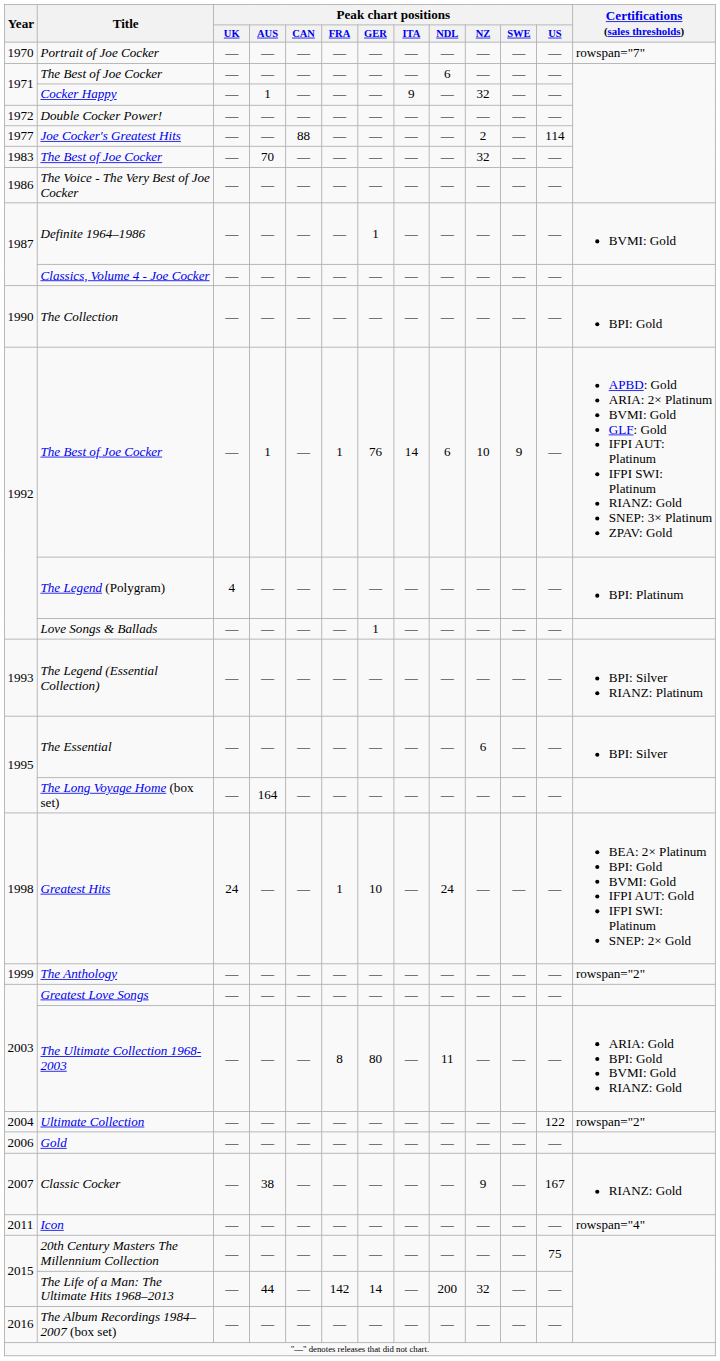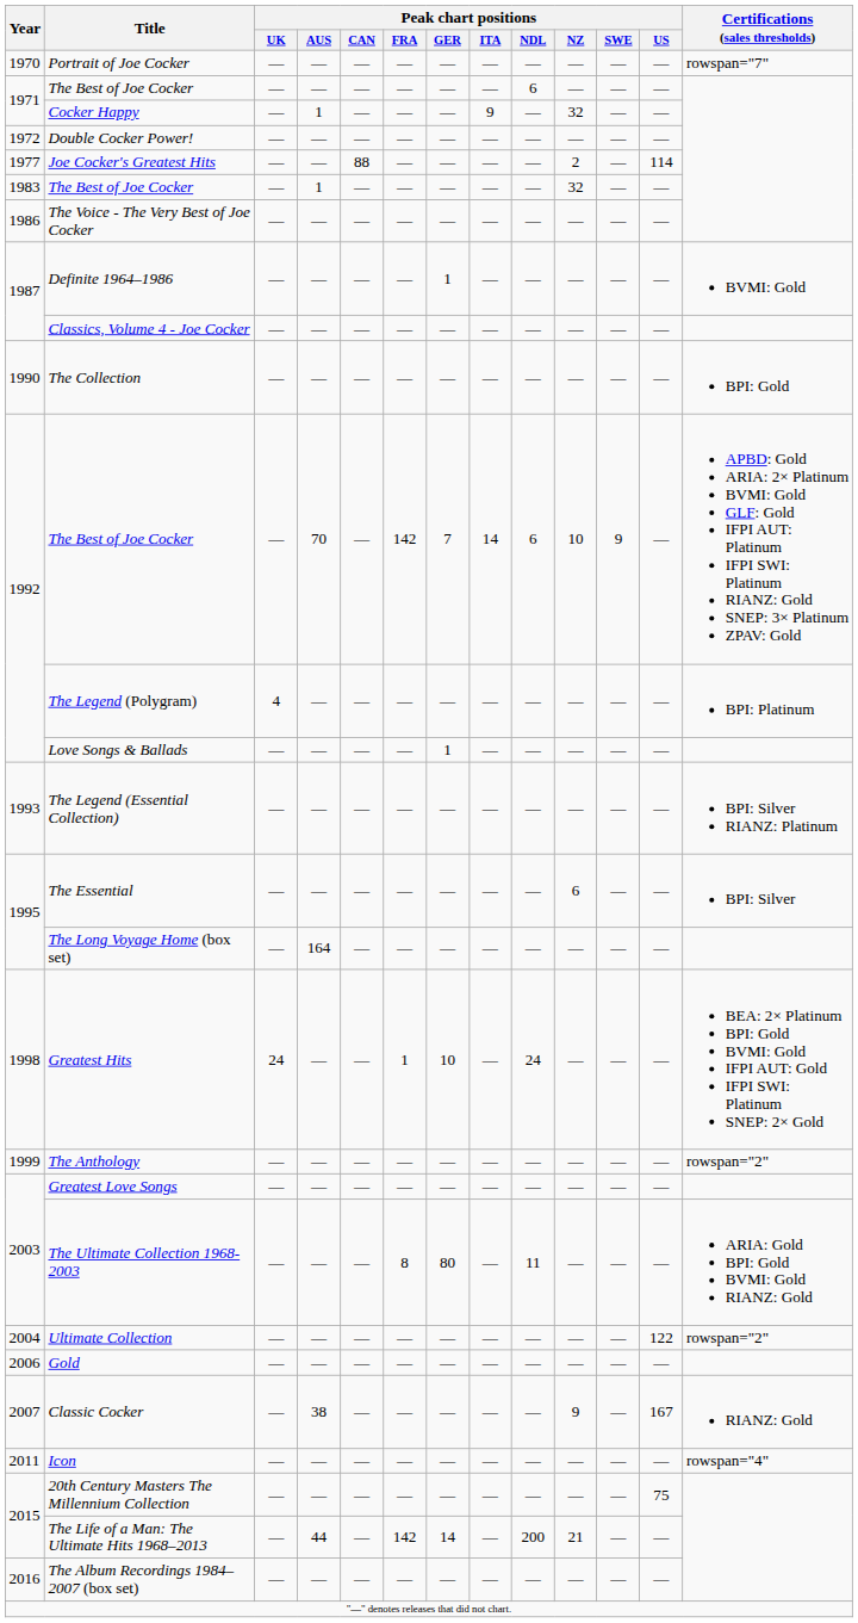 <table class="wikitable">
 <tr>
 <th rowspan="2" style="width:33px;">Year</th>
 <th rowspan="2" style="width:215px;">Title</th>
 <th colspan="10">Peak chart positions</th>
 <th rowspan="2" style="width:170px;"><a href='#'>Certifications</a><br><small>(<a href='#'>sales thresholds</a>)</small></th>
 </tr>
 <tr>
 <th style="width:3em;font-size:80%"><a href='#'>UK</a><br></th>
 <th style="width:3em;font-size:80%"><a href='#'>AUS</a><br></th>
 <th style="width:3em;font-size:80%"><a href='#'>CAN</a><br></th>
 <th style="width:3em;font-size:80%"><a href='#'>FRA</a><br></th>
 <th style="width:3em;font-size:80%"><a href='#'>GER</a><br></th>
 <th style="width:3em;font-size:80%"><a href='#'>ITA</a><br></th>
 <th style="width:3em;font-size:80%"><a href='#'>NDL</a><br></th>
 <th style="width:3em;font-size:80%"><a href='#'>NZ</a><br></th>
 <th style="width:3em;font-size:80%"><a href='#'>SWE</a><br></th>
 <th style="width:3em;font-size:80%"><a href='#'>US</a><br></th>
 </tr>
 <tr>
 <td>1970</td>
 <td><em>Portrait of Joe Cocker</em></td>
 <td align=center>—</td>
 <td align=center>—</td>
 <td align="center">—</td>
 <td align="center">—</td>
 <td align="center">—</td>
 <td align="center">—</td>
 <td align="center">—</td>
 <td align=center>—</td>
 <td align=center>—</td>
 <td align=center>—</td>
 <td>rowspan="7" </td>
 </tr>
 <tr>
 <td rowspan="2">1971</td>
 <td><em>The Best of Joe Cocker</em></td>
 <td align=center>—</td>
 <td align=center>—</td>
 <td align="center">—</td>
 <td align="center">—</td>
 <td align="center">—</td>
 <td align="center">—</td>
 <td align="center">6</td>
 <td align=center>—</td>
 <td align=center>—</td>
 <td align=center>—</td>
 </tr>
 <tr>
 <td><em><a href='#'>Cocker Happy</a></em></td>
 <td align=center>—</td>
 <td align=center>1</td>
 <td align="center">—</td>
 <td align="center">—</td>
 <td align="center">—</td>
 <td align="center">9</td>
 <td align="center">—</td>
 <td align=center>32</td>
 <td align=center>—</td>
 <td align=center>—</td>
 </tr>
 <tr>
 <td>1972</td>
 <td><em>Double Cocker Power!</em></td>
 <td align=center>—</td>
 <td align=center>—</td>
 <td align="center">—</td>
 <td align="center">—</td>
 <td align="center">—</td>
 <td align="center">—</td>
 <td align="center">—</td>
 <td align=center>—</td>
 <td align=center>—</td>
 <td align=center>—</td>
 </tr>
 <tr>
 <td>1977</td>
 <td><em><a href='#'>Joe Cocker's Greatest Hits</a></em></td>
 <td align=center>—</td>
 <td align=center>—</td>
 <td align="center">88</td>
 <td align="center">—</td>
 <td align="center">—</td>
 <td align="center">—</td>
 <td align="center">—</td>
 <td align=center>2</td>
 <td align=center>—</td>
 <td align=center>114</td>
 </tr>
 <tr>
 <td>1983</td>
 <td><em><a href='#'>The Best of Joe Cocker</a></em></td>
 <td align=center>—</td>
-<td align=center>70</td>
+<td align=center>1</td>
 <td align="center">—</td>
 <td align="center">—</td>
 <td align="center">—</td>
 <td align="center">—</td>
 <td align="center">—</td>
 <td align=center>32</td>
 <td align=center>—</td>
 <td align=center>—</td>
 </tr>
 <tr>
 <td>1986</td>
 <td><em>The Voice - The Very Best of Joe Cocker</em></td>
 <td align=center>—</td>
 <td align=center>—</td>
 <td align="center">—</td>
 <td align="center">—</td>
 <td align="center">—</td>
 <td align="center">—</td>
 <td align="center">—</td>
 <td align=center>—</td>
 <td align=center>—</td>
 <td align=center>—</td>
 </tr>
 <tr>
 <td rowspan="2">1987</td>
 <td><em>Definite 1964–1986</em></td>
 <td align=center>—</td>
 <td align=center>—</td>
 <td align="center">—</td>
 <td align="center">—</td>
 <td align="center">1</td>
 <td align="center">—</td>
 <td align="center">—</td>
 <td align=center>—</td>
 <td align=center>—</td>
 <td align=center>—</td>
 <td><br><ul><li>BVMI: Gold</li></ul></td>
 </tr>
 <tr>
 <td><em><a href='#'>Classics, Volume 4 - Joe Cocker</a></em></td>
 <td align=center>—</td>
 <td align=center>—</td>
 <td align="center">—</td>
 <td align="center">—</td>
 <td align="center">—</td>
 <td align="center">—</td>
 <td align="center">—</td>
 <td align=center>—</td>
 <td align=center>—</td>
 <td align=center>—</td>
 <td></td>
 </tr>
 <tr>
 <td>1990</td>
 <td><em>The Collection</em></td>
 <td align=center>—</td>
 <td align=center>—</td>
 <td align="center">—</td>
 <td align="center">—</td>
 <td align="center">—</td>
 <td align="center">—</td>
 <td align="center">—</td>
 <td align=center>—</td>
 <td align=center>—</td>
 <td align=center>—</td>
 <td><br><ul><li>BPI: Gold</li></ul></td>
 </tr>
 <tr>
 <td rowspan="3">1992</td>
 <td><em><a href='#'>The Best of Joe Cocker</a></em></td>
 <td align=center>—</td>
-<td align=center>1</td>
+<td align=center>70</td>
 <td align="center">—</td>
-<td align="center">1</td>
-<td style="text-align:center;">76</td>
+<td align="center">142</td>
+<td align="center">7</td>
 <td align="center">14</td>
 <td align="center">6</td>
 <td align=center>10</td>
 <td align=center>9</td>
 <td align=center>—</td>
 <td><br><ul><li><a href='#'>APBD</a>: Gold</li><li>ARIA: 2× Platinum</li><li>BVMI: Gold</li><li><a href='#'>GLF</a>: Gold</li><li>IFPI AUT: Platinum</li><li>IFPI SWI: Platinum</li><li>RIANZ: Gold</li><li>SNEP: 3× Platinum</li><li>ZPAV: Gold</li></ul></td>
 </tr>
 <tr>
 <td><em><a href='#'>The Legend</a></em> (Polygram)</td>
 <td align=center>4</td>
 <td align=center>—</td>
 <td align="center">—</td>
 <td align="center">—</td>
 <td align="center">—</td>
 <td align="center">—</td>
 <td align="center">—</td>
 <td align=center>—</td>
 <td align=center>—</td>
 <td align=center>—</td>
 <td><br><ul><li>BPI: Platinum</li></ul></td>
 </tr>
 <tr>
 <td><em>Love Songs & Ballads</em></td>
 <td align=center>—</td>
 <td align=center>—</td>
 <td align="center">—</td>
 <td align="center">—</td>
 <td align="center">1</td>
 <td align="center">—</td>
 <td align="center">—</td>
 <td align=center>—</td>
 <td align=center>—</td>
 <td align=center>—</td>
 <td></td>
 </tr>
 <tr>
 <td>1993</td>
 <td><em>The Legend (Essential Collection)</em></td>
 <td align=center>—</td>
 <td align=center>—</td>
 <td align="center">—</td>
 <td align="center">—</td>
 <td align="center">—</td>
 <td align="center">—</td>
 <td align="center">—</td>
 <td align=center>—</td>
 <td align=center>—</td>
 <td align=center>—</td>
 <td><br><ul><li>BPI: Silver</li><li>RIANZ: Platinum</li></ul></td>
 </tr>
 <tr>
 <td rowspan="2">1995</td>
 <td><em>The Essential</em></td>
 <td align=center>—</td>
 <td align=center>—</td>
 <td align="center">—</td>
 <td align="center">—</td>
 <td align="center">—</td>
 <td align="center">—</td>
 <td align="center">—</td>
 <td align=center>6</td>
 <td align=center>—</td>
 <td align=center>—</td>
 <td><br><ul><li>BPI: Silver</li></ul></td>
 </tr>
 <tr>
 <td><em><a href='#'>The Long Voyage Home</a></em> (box set)</td>
 <td align=center>—</td>
 <td align=center>164</td>
 <td align="center">—</td>
 <td align="center">—</td>
 <td align="center">—</td>
 <td align="center">—</td>
 <td align="center">—</td>
 <td align=center>—</td>
 <td align=center>—</td>
 <td align=center>—</td>
 <td></td>
 </tr>
 <tr>
 <td>1998</td>
 <td><em><a href='#'>Greatest Hits</a></em></td>
 <td align=center>24</td>
 <td align=center>—</td>
 <td align="center">—</td>
 <td align="center">1</td>
 <td align="center">10</td>
 <td align="center">—</td>
 <td align="center">24</td>
 <td align=center>—</td>
 <td align=center>—</td>
 <td align=center>—</td>
 <td><br><ul><li>BEA: 2× Platinum</li><li>BPI: Gold</li><li>BVMI: Gold</li><li>IFPI AUT: Gold</li><li>IFPI SWI: Platinum</li><li>SNEP: 2× Gold</li></ul></td>
 </tr>
 <tr>
 <td>1999</td>
 <td><em><a href='#'>The Anthology</a></em></td>
 <td align=center>—</td>
 <td align=center>—</td>
 <td align="center">—</td>
 <td align="center">—</td>
 <td align="center">—</td>
 <td align="center">—</td>
 <td align="center">—</td>
 <td align=center>—</td>
 <td align=center>—</td>
 <td align=center>—</td>
 <td>rowspan="2" </td>
 </tr>
 <tr>
 <td rowspan="2">2003</td>
 <td><em><a href='#'>Greatest Love Songs</a></em></td>
 <td align=center>—</td>
 <td align=center>—</td>
 <td align="center">—</td>
 <td align="center">—</td>
 <td align="center">—</td>
 <td align="center">—</td>
 <td align="center">—</td>
 <td align=center>—</td>
 <td align=center>—</td>
 <td align=center>—</td>
 </tr>
 <tr>
 <td><em><a href='#'>The Ultimate Collection 1968-2003</a></em></td>
 <td align=center>—</td>
 <td align=center>—</td>
 <td align="center">—</td>
 <td align="center">8</td>
 <td align="center">80</td>
 <td align="center">—</td>
 <td align="center">11</td>
 <td align=center>—</td>
 <td align=center>—</td>
 <td align=center>—</td>
 <td><br><ul><li>ARIA: Gold</li><li>BPI: Gold</li><li>BVMI: Gold</li><li>RIANZ: Gold</li></ul></td>
 </tr>
 <tr>
 <td>2004</td>
 <td><em><a href='#'>Ultimate Collection</a></em></td>
 <td align=center>—</td>
 <td align=center>—</td>
 <td align="center">—</td>
 <td align="center">—</td>
 <td align="center">—</td>
 <td align="center">—</td>
 <td align="center">—</td>
 <td align=center>—</td>
 <td align=center>—</td>
 <td align=center>122</td>
 <td>rowspan="2" </td>
 </tr>
 <tr>
 <td>2006</td>
 <td><em><a href='#'>Gold</a></em></td>
 <td align=center>—</td>
 <td align=center>—</td>
 <td align="center">—</td>
 <td align="center">—</td>
 <td align="center">—</td>
 <td align="center">—</td>
 <td align="center">—</td>
 <td align=center>—</td>
 <td align=center>—</td>
 <td align=center>—</td>
 </tr>
 <tr>
 <td>2007</td>
 <td><em>Classic Cocker</em></td>
 <td align=center>—</td>
 <td align=center>38</td>
 <td align="center">—</td>
 <td align="center">—</td>
 <td align="center">—</td>
 <td align="center">—</td>
 <td align="center">—</td>
 <td align=center>9</td>
 <td align=center>—</td>
 <td align=center>167</td>
 <td><br><ul><li>RIANZ: Gold</li></ul></td>
 </tr>
 <tr>
 <td>2011</td>
 <td><em><a href='#'>Icon</a></em></td>
 <td align=center>—</td>
 <td align=center>—</td>
 <td align="center">—</td>
 <td align="center">—</td>
 <td align="center">—</td>
 <td align="center">—</td>
 <td align="center">—</td>
 <td align=center>—</td>
 <td align=center>—</td>
 <td align=center>—</td>
 <td>rowspan="4" </td>
 </tr>
 <tr>
 <td rowspan="2">2015</td>
 <td><em>20th Century Masters The Millennium Collection</em></td>
 <td align=center>—</td>
 <td align=center>—</td>
 <td align="center">—</td>
 <td align="center">—</td>
 <td align="center">—</td>
 <td align="center">—</td>
 <td align="center">—</td>
 <td align=center>—</td>
 <td align=center>—</td>
 <td align=center>75</td>
 </tr>
 <tr>
 <td><em>The Life of a Man: The Ultimate Hits 1968–2013</em></td>
 <td align=center>—</td>
 <td align=center>44</td>
 <td align="center">—</td>
 <td align="center">142</td>
 <td align="center">14</td>
 <td align="center">—</td>
 <td align="center">200</td>
-<td align=center>32</td>
+<td align=center>21</td>
 <td align=center>—</td>
 <td align=center>—</td>
 </tr>
 <tr>
 <td>2016</td>
 <td><em>The Album Recordings 1984–2007</em> (box set)</td>
 <td align=center>—</td>
 <td align=center>—</td>
 <td align="center">—</td>
 <td align="center">—</td>
 <td align="center">—</td>
 <td align="center">—</td>
 <td align="center">—</td>
 <td align=center>—</td>
 <td align=center>—</td>
 <td align=center>—</td>
 </tr>
 <tr>
 <td colspan="15" style="text-align:center; font-size:8pt;">"—" denotes releases that did not chart.</td>
 </tr>
 </table>
